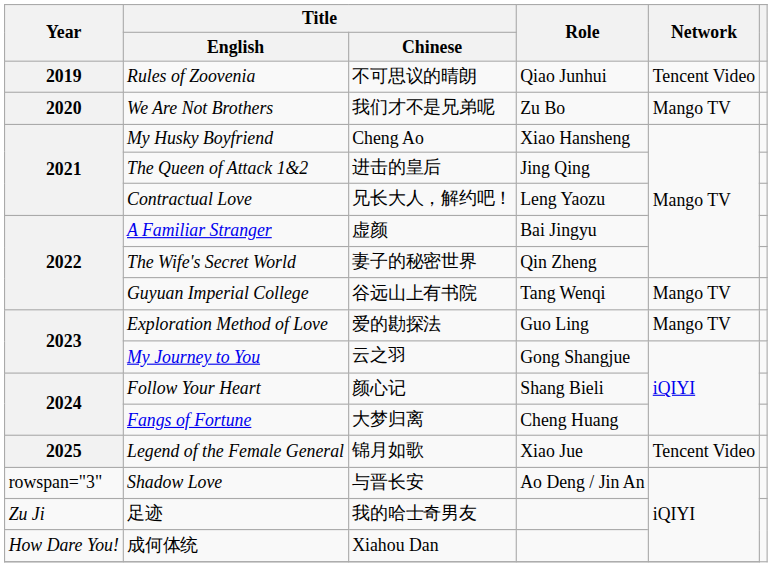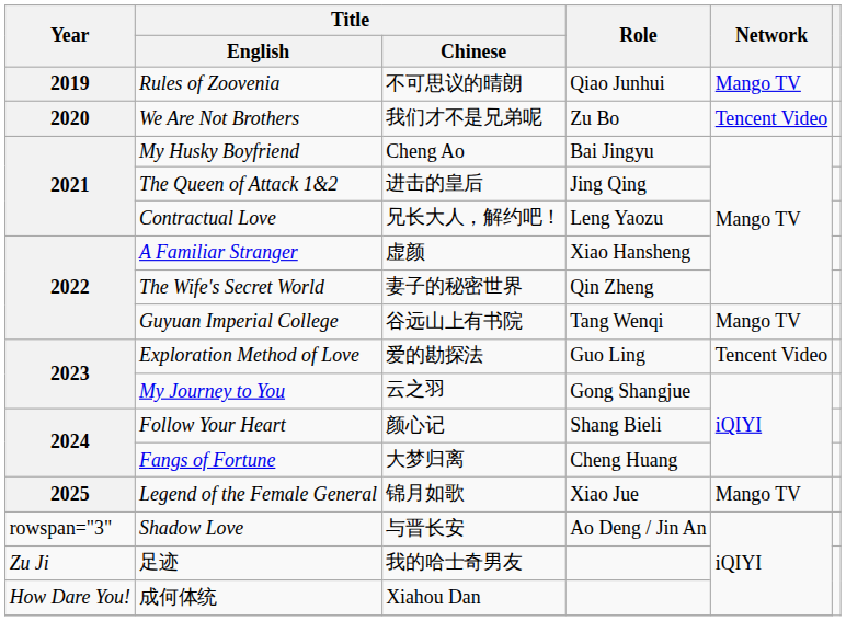 <table class="wikitable sortable plainrowheaders">
 <tr>
 <th scope="col" rowspan="2">Year</th>
 <th scope="col" colspan="2">Title</th>
 <th scope="col" rowspan="2">Role</th>
 <th scope="col" rowspan="2">Network</th>
 <th scope="col" class="unsortable" rowspan="2"></th>
 </tr>
 <tr>
 <th scope="col">English</th>
 <th scope="col">Chinese</th>
 </tr>
 <tr>
 <th scope="row">2019</th>
 <td><em>Rules of Zoovenia</em></td>
 <td>不可思议的晴朗</td>
 <td>Qiao Junhui</td>
-<td>Tencent Video</td>
+<td><a href='#'>Mango TV</a></td>
 <td></td>
 </tr>
 <tr>
 <th scope="row">2020</th>
 <td><em>We Are Not Brothers</em></td>
 <td>我们才不是兄弟呢</td>
 <td>Zu Bo</td>
-<td>Mango TV</td>
+<td><a href='#'>Tencent Video</a></td>
 <td></td>
 </tr>
 <tr>
 <th scope="row" rowspan="3">2021</th>
 <td><em>My Husky Boyfriend</em></td>
 <td>Cheng Ao</td>
-<td>Xiao Hansheng</td>
+<td>Bai Jingyu</td>
 <td rowspan="5">Mango TV</td>
 <td></td>
 </tr>
 <tr>
 <td><em>The Queen of Attack 1&2</em></td>
 <td>进击的皇后</td>
 <td>Jing Qing</td>
 <td></td>
 </tr>
 <tr>
 <td><em>Contractual Love</em></td>
 <td>兄长大人，解约吧！</td>
 <td>Leng Yaozu</td>
 <td></td>
 </tr>
 <tr>
 <th scope="row" rowspan="3">2022</th>
 <td><em><a href='#'>A Familiar Stranger</a></em></td>
 <td>虚颜</td>
-<td>Bai Jingyu</td>
+<td>Xiao Hansheng</td>
 <td></td>
 </tr>
 <tr>
 <td><em>The Wife's Secret World</em></td>
 <td>妻子的秘密世界</td>
 <td>Qin Zheng</td>
 <td></td>
 </tr>
 <tr>
 <td><em>Guyuan Imperial College</em></td>
 <td>谷远山上有书院</td>
 <td>Tang Wenqi</td>
 <td>Mango TV</td>
 <td></td>
 </tr>
 <tr>
 <th scope="row" rowspan="2">2023</th>
 <td><em>Exploration Method of Love</em></td>
 <td>爱的勘探法</td>
 <td>Guo Ling</td>
-<td>Mango TV</td>
+<td>Tencent Video</td>
 <td></td>
 </tr>
 <tr>
 <td><em><a href='#'>My Journey to You</a></em></td>
 <td>云之羽</td>
 <td>Gong Shangjue</td>
 <td rowspan="3"><a href='#'>iQIYI</a></td>
 <td></td>
 </tr>
 <tr>
 <th scope="row" rowspan="2">2024</th>
 <td><em>Follow Your Heart</em></td>
 <td>颜心记</td>
 <td>Shang Bieli</td>
 <td></td>
 </tr>
 <tr>
 <td><em><a href='#'>Fangs of Fortune</a></em></td>
 <td>大梦归离</td>
 <td>Cheng Huang</td>
 <td></td>
 </tr>
 <tr>
 <th scope="row">2025</th>
 <td><em>Legend of the Female General</em></td>
 <td>锦月如歌</td>
 <td>Xiao Jue</td>
-<td>Tencent Video</td>
+<td>Mango TV</td>
 <td></td>
 </tr>
 <tr>
 <td>rowspan="3" </td>
 <td><em>Shadow Love</em></td>
 <td>与晋长安</td>
 <td>Ao Deng / Jin An</td>
 <td rowspan="3">iQIYI</td>
 <td></td>
 </tr>
 <tr>
 <td><em>Zu Ji</em></td>
 <td>足迹</td>
 <td>我的哈士奇男友</td>
 <td></td>
 </tr>
 <tr>
 <td><em>How Dare You!</em></td>
 <td>成何体统</td>
 <td>Xiahou Dan</td>
 <td></td>
 </tr>
 <tr>
 </tr>
 </table>
